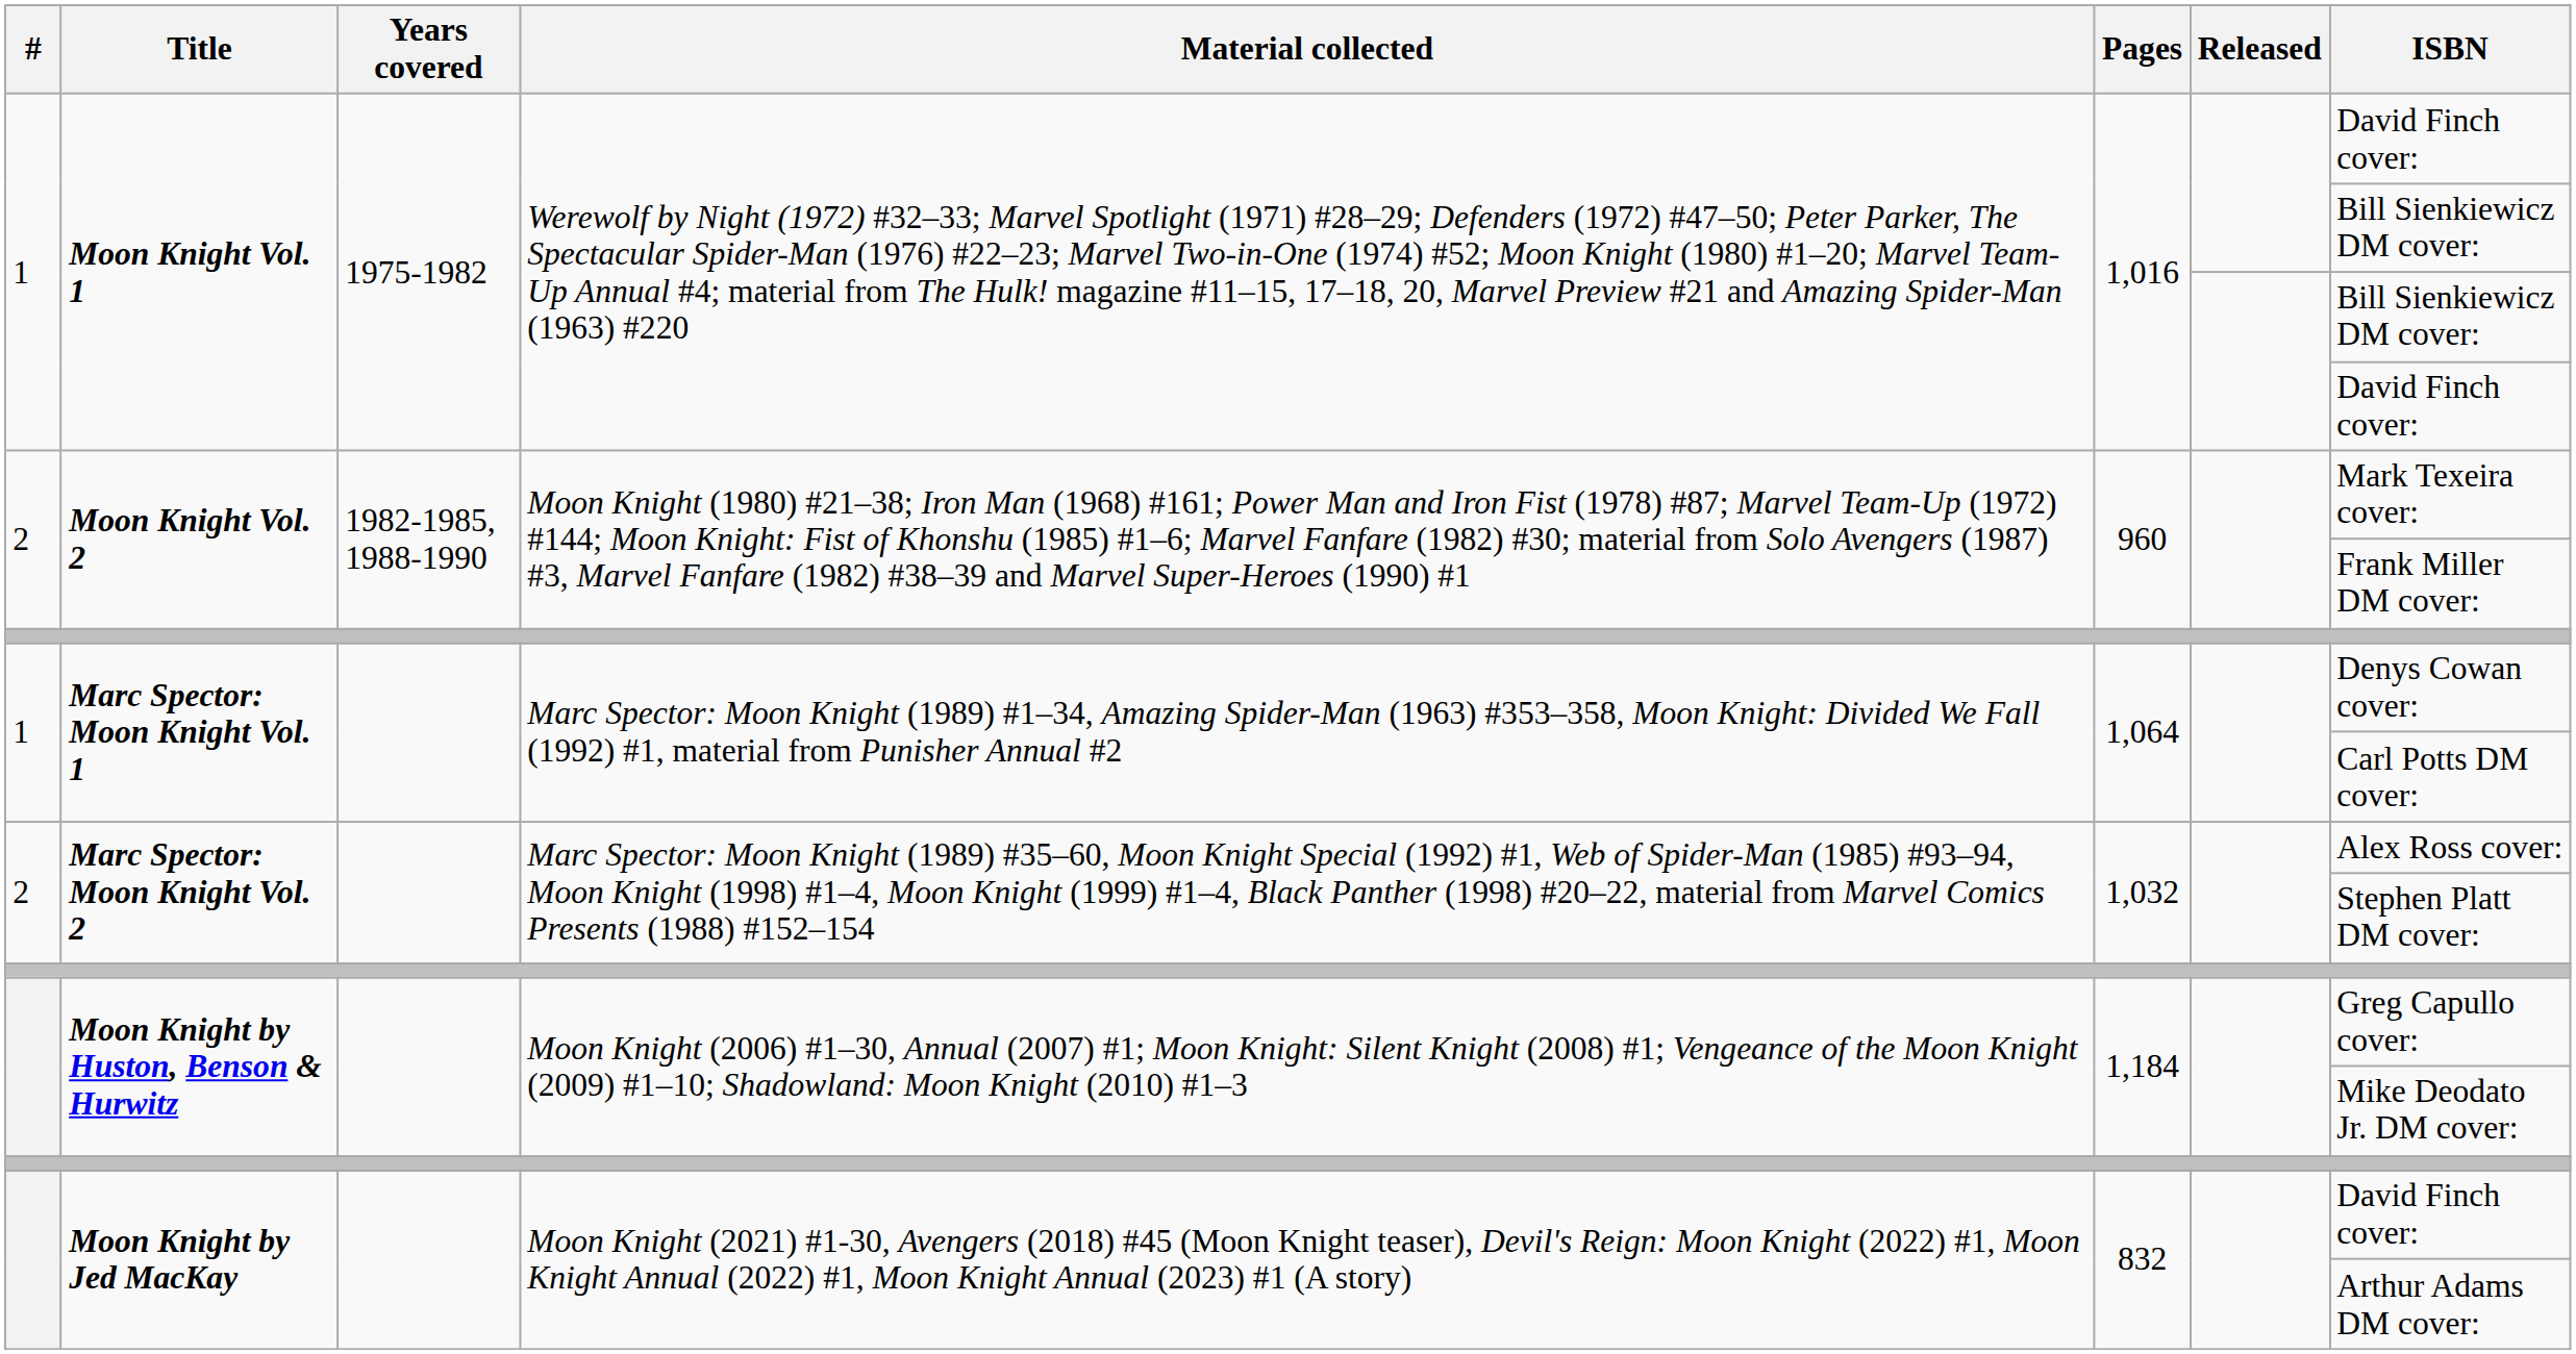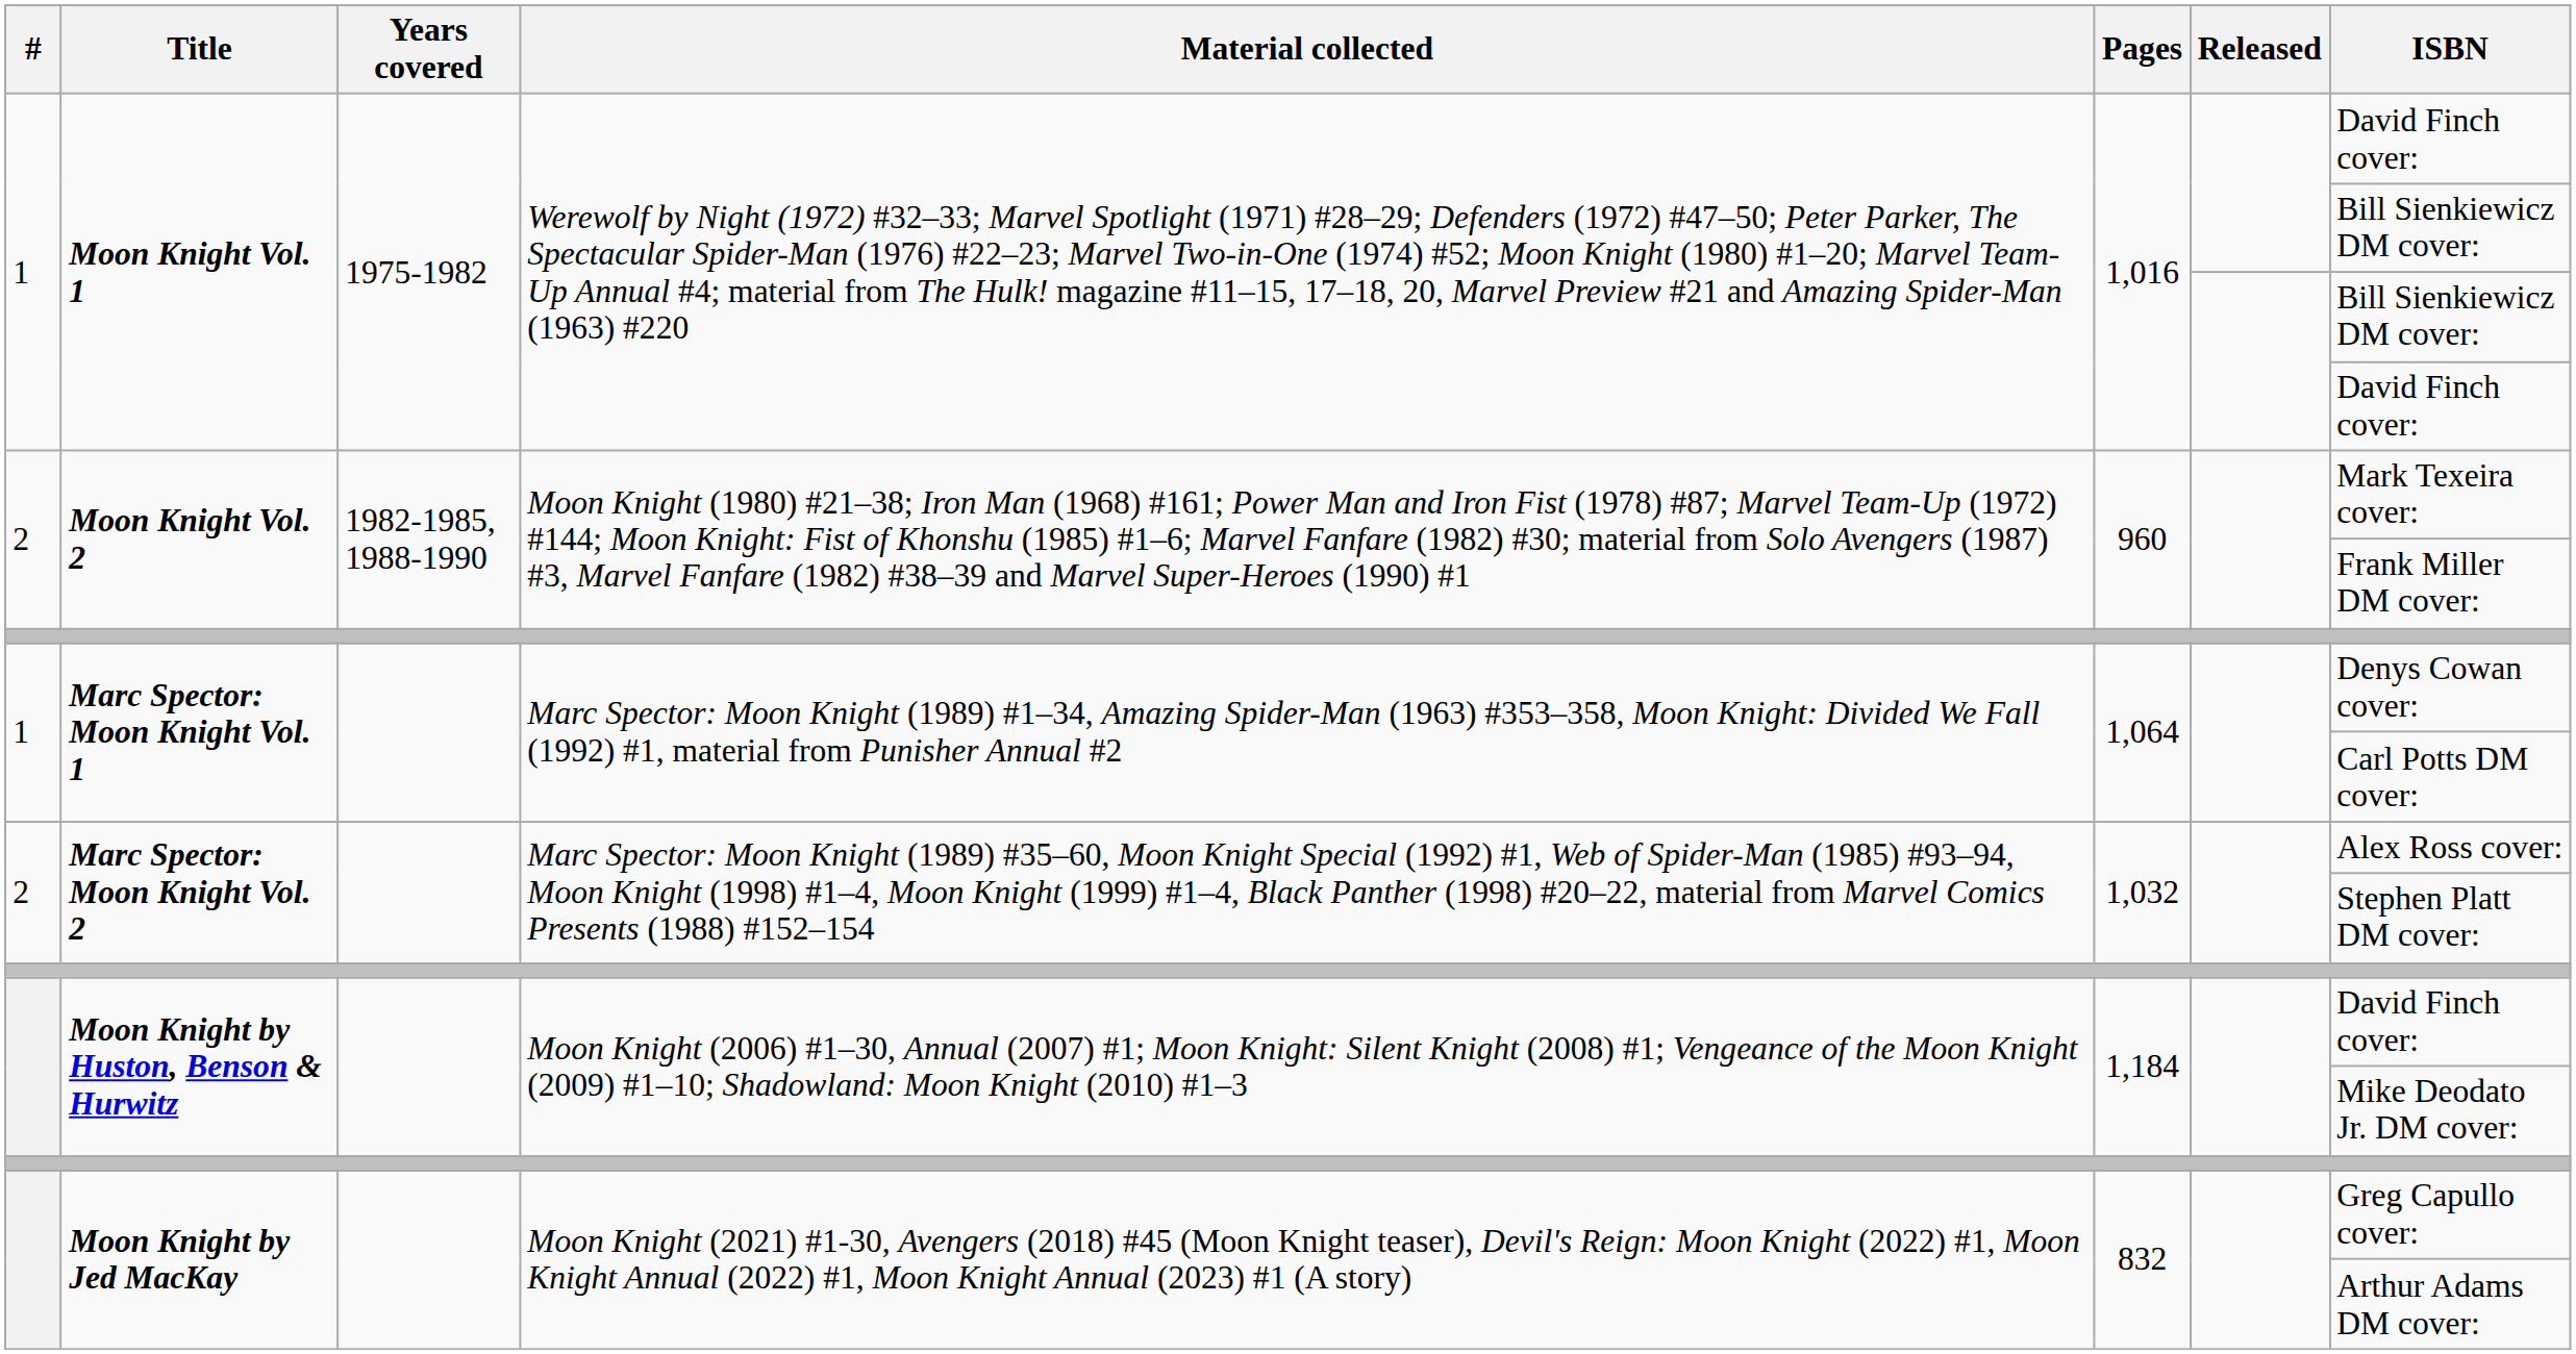 <table class="wikitable sortable" width="99%">
 <tr>
 <th class="unsortable" width="20px">#</th>
 <th>Title</th>
 <th>Years covered</th>
 <th class="unsortable">Material collected</th>
 <th>Pages</th>
 <th>Released</th>
 <th class="unsortable">ISBN</th>
 </tr>
 <tr>
 <td rowspan="4">1</td>
 <td rowspan="4"><strong><em>Moon Knight Vol. 1</em></strong></td>
 <td rowspan="4">1975-1982</td>
 <td rowspan="4"><em>Werewolf by Night (1972)</em> #32–33; <em>Marvel Spotlight</em> (1971) #28–29; <em>Defenders</em> (1972) #47–50; <em>Peter Parker, The Spectacular Spider-Man</em> (1976) #22–23; <em>Marvel Two-in-One</em> (1974) #52; <em>Moon Knight</em> (1980) #1–20; <em>Marvel Team-Up Annual</em> #4; material from <em>The Hulk!</em> magazine #11–15, 17–18, 20, <em>Marvel Preview</em> #21 and <em>Amazing Spider-Man</em> (1963) #220</td>
 <td rowspan="4" style="text-align: center;">1,016</td>
 <td rowspan="2"></td>
 <td>David Finch cover: </td>
 </tr>
 <tr>
 <td>Bill Sienkiewicz DM cover: </td>
 </tr>
 <tr>
 <td rowspan="2"></td>
 <td>Bill Sienkiewicz DM cover: </td>
 </tr>
 <tr>
 <td>David Finch cover: </td>
 </tr>
 <tr>
 <td rowspan="2">2</td>
 <td rowspan="2"><strong><em>Moon Knight Vol. 2</em></strong></td>
 <td rowspan="2">1982-1985, 1988-1990</td>
 <td rowspan="2"><em>Moon Knight</em> (1980) #21–38; <em>Iron Man</em> (1968) #161; <em>Power Man and Iron Fist</em> (1978) #87; <em>Marvel Team-Up</em> (1972) #144; <em>Moon Knight: Fist of Khonshu</em> (1985) #1–6; <em>Marvel Fanfare</em> (1982) #30; material from <em>Solo Avengers</em> (1987) #3, <em>Marvel Fanfare</em> (1982) #38–39 and <em>Marvel Super-Heroes</em> (1990) #1</td>
 <td rowspan="2" style="text-align: center;">960</td>
 <td rowspan="2"></td>
 <td>Mark Texeira cover: </td>
 </tr>
 <tr>
 <td>Frank Miller DM cover: </td>
 </tr>
 <tr>
 <th colspan="7" style="background-color: silver;"></th>
 </tr>
 <tr>
 <td rowspan="2">1</td>
 <td rowspan="2"><strong><em>Marc Spector: Moon Knight Vol. 1</em></strong></td>
 <td rowspan="2"></td>
 <td rowspan="2"><em>Marc Spector: Moon Knight</em> (1989) #1–34, <em>Amazing Spider-Man</em> (1963) #353–358, <em>Moon Knight: Divided We Fall</em> (1992) #1, material from <em>Punisher Annual</em> #2</td>
 <td rowspan="2" style="text-align: center;">1,064</td>
 <td rowspan="2"></td>
 <td>Denys Cowan cover: </td>
 </tr>
 <tr>
 <td>Carl Potts DM cover: </td>
 </tr>
 <tr>
 <td rowspan="2">2</td>
 <td rowspan="2"><strong><em>Marc Spector: Moon Knight Vol. 2</em></strong></td>
 <td rowspan="2"></td>
 <td rowspan="2"><em>Marc Spector: Moon Knight</em> (1989) #35–60, <em>Moon Knight Special</em> (1992) #1, <em>Web of Spider-Man</em> (1985) #93–94, <em>Moon Knight</em> (1998) #1–4, <em>Moon Knight</em> (1999) #1–4, <em>Black Panther</em> (1998) #20–22, material from <em>Marvel Comics Presents</em> (1988) #152–154</td>
 <td rowspan="2" style="text-align: center;">1,032</td>
 <td rowspan="2"></td>
 <td>Alex Ross cover: </td>
 </tr>
 <tr>
 <td>Stephen Platt DM cover: </td>
 </tr>
 <tr>
 <th colspan="7" style="background-color: silver;"></th>
 </tr>
 <tr>
 <th rowspan="2" style="background-color: light grey;"></th>
 <td rowspan="2"><strong><em>Moon Knight by <a href='#'>Huston</a>, <a href='#'>Benson</a> & <a href='#'>Hurwitz</a></em></strong></td>
 <td rowspan="2"></td>
 <td rowspan="2"><em>Moon Knight</em> (2006) #1–30, <em>Annual</em> (2007) #1; <em>Moon Knight: Silent Knight</em> (2008) #1; <em>Vengeance of the Moon Knight</em> (2009) #1–10; <em>Shadowland: Moon Knight</em> (2010) #1–3</td>
 <td rowspan="2" style="text-align: center;">1,184</td>
 <td rowspan="2"></td>
-<td>Greg Capullo cover: </td>
+<td>David Finch cover: </td>
 </tr>
 <tr>
 <td>Mike Deodato Jr. DM cover: </td>
 </tr>
 <tr>
 <th colspan="7" style="background-color: silver;"></th>
 </tr>
 <tr>
 <th rowspan="2" style="background-color: light grey;"></th>
 <td rowspan="2"><strong><em>Moon Knight by Jed MacKay</em></strong></td>
 <td rowspan="2"></td>
 <td rowspan="2"><em>Moon Knight</em> (2021) #1-30, <em>Avengers</em> (2018) #45 (Moon Knight teaser), <em>Devil's Reign: Moon Knight</em> (2022) #1, <em>Moon Knight Annual</em> (2022) #1, <em>Moon Knight Annual</em> (2023) #1 (A story)</td>
 <td rowspan="2" style="text-align: center;">832</td>
 <td rowspan="2"></td>
-<td>David Finch cover: </td>
+<td>Greg Capullo cover: </td>
 </tr>
 <tr>
 <td>Arthur Adams DM cover: </td>
 </tr>
 </table>
